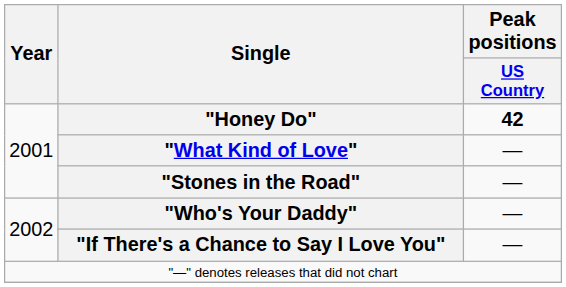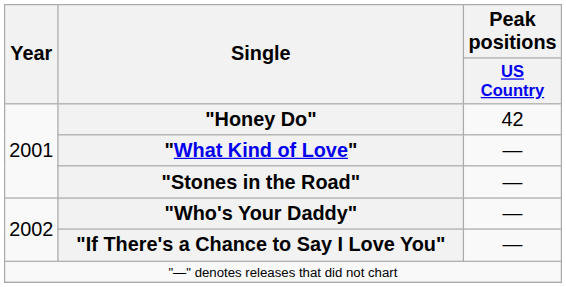 <table class="wikitable plainrowheaders" style="text-align:center;">
 <tr>
 <th rowspan="2">Year</th>
 <th rowspan="2" style="width:20em;">Single</th>
 <th colspan="1">Peak positions</th>
 </tr>
 <tr style="font-size:smaller;">
 <th width="45"><a href='#'>US Country</a></th>
 </tr>
 <tr>
 <td rowspan="3">2001</td>
 <th scope="row">"Honey Do"</th>
-<td><strong>42</strong></td>
+<td>42</td>
 </tr>
 <tr>
 <th scope="row">"<a href='#'>What Kind of Love</a>"</th>
 <td>—</td>
 </tr>
 <tr>
 <th scope="row">"Stones in the Road"</th>
 <td>—</td>
 </tr>
 <tr>
 <td rowspan="2">2002</td>
 <th scope="row">"Who's Your Daddy"</th>
 <td>—</td>
 </tr>
 <tr>
 <th scope="row">"If There's a Chance to Say I Love You"</th>
 <td>—</td>
 </tr>
 <tr>
 <td colspan="3" style="font-size:8pt">"—" denotes releases that did not chart</td>
 </tr>
 <tr>
 </tr>
 </table>
